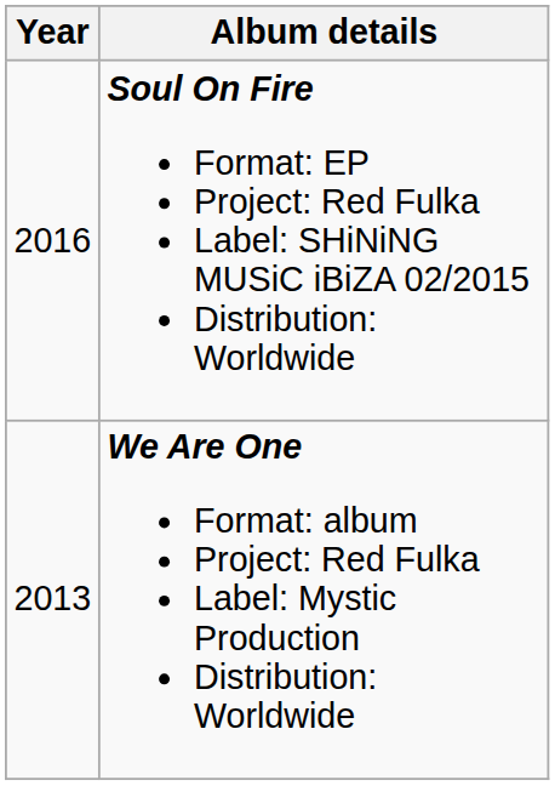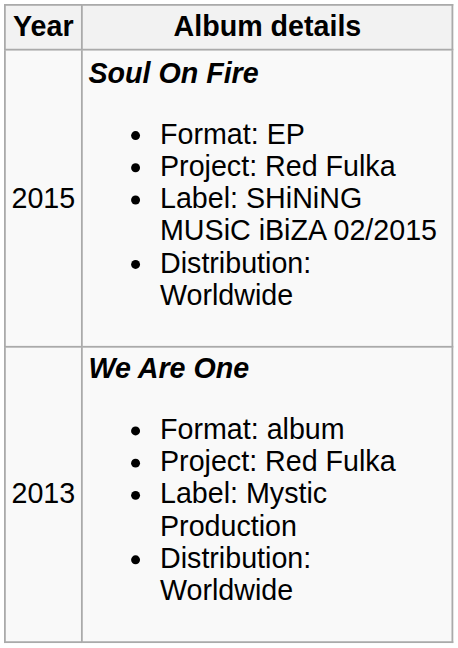 <table class="wikitable" style="text-align:center;">
 <tr>
 <th rowspan="1" style="width:30px;">Year</th>
 <th rowspan="1" style="width:200px;">Album details</th>
 </tr>
 <tr>
-<td style="text-align:left;">2016</td>
+<td style="text-align:left;">2015</td>
 <td style="text-align:left;"><strong><em>Soul On Fire</em></strong><br><ul><li>Format:  EP</li><li>Project: Red Fulka</li><li>Label: SHiNiNG MUSiC iBiZA 02/2015</li><li>Distribution:  Worldwide</li></ul></td>
 </tr>
 <tr>
 <td style="text-align:left;">2013</td>
 <td style="text-align:left;"><strong><em>We Are One</em></strong><br><ul><li>Format:  album</li><li>Project: Red Fulka</li><li>Label: Mystic Production</li><li>Distribution:  Worldwide</li></ul></td>
 </tr>
 </table>
